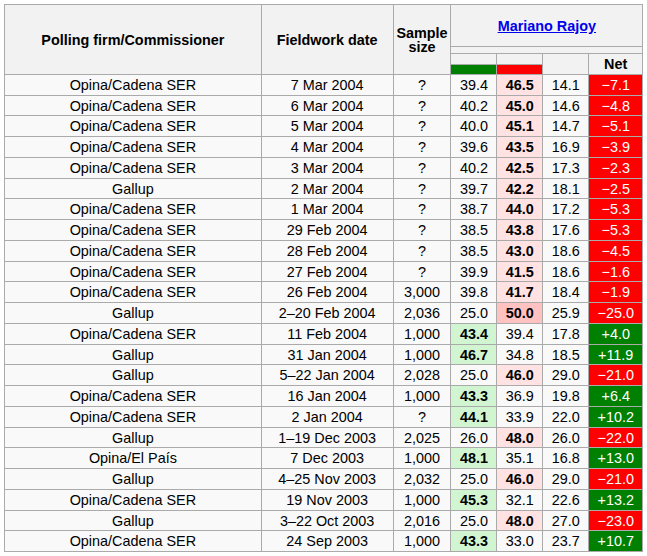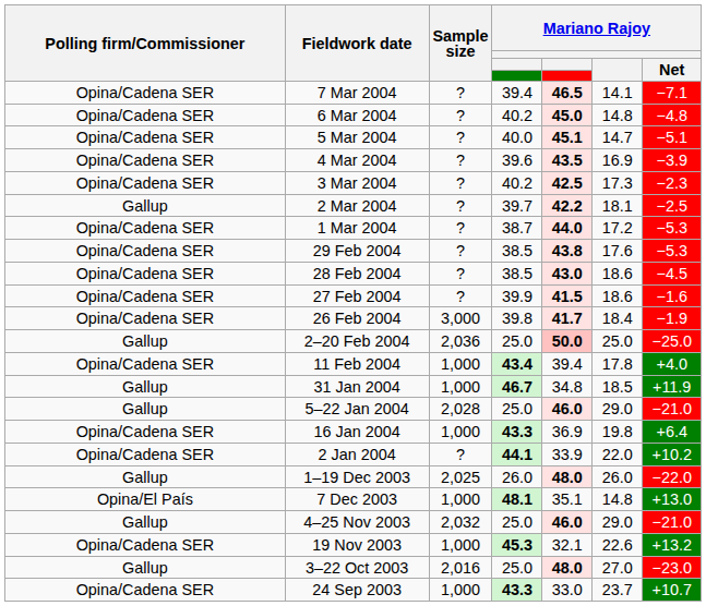 <table class="wikitable collapsible collapsed" style="text-align:center; font-size:90%; line-height:14px;">
 <tr style="height:42px;">
 <th style="width:250px;" rowspan="4">Polling firm/Commissioner</th>
 <th style="width:125px;" rowspan="4">Fieldwork date</th>
 <th style="width:50px;" rowspan="4">Sample size</th>
 <th style="width:185px;" colspan="4"><a href='#'>Mariano Rajoy</a><br></th>
 </tr>
 <tr>
 <th colspan="4" style="background:"></th>
 </tr>
 <tr>
 <th style="width:30px;"></th>
 <th style="width:30px;"></th>
 <th style="width:30px;" rowspan="2"></th>
 <th style="width:30px;" rowspan="2">Net</th>
 </tr>
 <tr>
 <th style="color:inherit;background:#008000;"></th>
 <th style="color:inherit;background:#FF0000;"></th>
 </tr>
 <tr>
 <td>Opina/Cadena SER</td>
 <td>7 Mar 2004</td>
 <td>?</td>
 <td>39.4</td>
 <td style="background:#FFE2E1;"><strong>46.5</strong></td>
 <td>14.1</td>
 <td style="background:#FF0000; color:white;">−7.1</td>
 </tr>
 <tr>
 <td>Opina/Cadena SER</td>
 <td>6 Mar 2004</td>
 <td>?</td>
 <td>40.2</td>
 <td style="background:#FFE2E1;"><strong>45.0</strong></td>
-<td>14.6</td>
+<td>14.8</td>
 <td style="background:#FF0000; color:white;">−4.8</td>
 </tr>
 <tr>
 <td>Opina/Cadena SER</td>
 <td>5 Mar 2004</td>
 <td>?</td>
 <td>40.0</td>
 <td style="background:#FFE2E1;"><strong>45.1</strong></td>
 <td>14.7</td>
 <td style="background:#FF0000; color:white;">−5.1</td>
 </tr>
 <tr>
 <td>Opina/Cadena SER</td>
 <td>4 Mar 2004</td>
 <td>?</td>
 <td>39.6</td>
 <td style="background:#FFE2E1;"><strong>43.5</strong></td>
 <td>16.9</td>
 <td style="background:#FF0000; color:white;">−3.9</td>
 </tr>
 <tr>
 <td>Opina/Cadena SER</td>
 <td>3 Mar 2004</td>
 <td>?</td>
 <td>40.2</td>
 <td style="background:#FFE2E1;"><strong>42.5</strong></td>
 <td>17.3</td>
 <td style="background:#FF0000; color:white;">−2.3</td>
 </tr>
 <tr>
 <td>Gallup</td>
 <td>2 Mar 2004</td>
 <td>?</td>
 <td>39.7</td>
 <td style="background:#FFE2E1;"><strong>42.2</strong></td>
 <td>18.1</td>
 <td style="background:#FF0000; color:white;">−2.5</td>
 </tr>
 <tr>
 <td>Opina/Cadena SER</td>
 <td>1 Mar 2004</td>
 <td>?</td>
 <td>38.7</td>
 <td style="background:#FFE2E1;"><strong>44.0</strong></td>
 <td>17.2</td>
 <td style="background:#FF0000; color:white;">−5.3</td>
 </tr>
 <tr>
 <td>Opina/Cadena SER</td>
 <td>29 Feb 2004</td>
 <td>?</td>
 <td>38.5</td>
 <td style="background:#FFE2E1;"><strong>43.8</strong></td>
 <td>17.6</td>
 <td style="background:#FF0000; color:white;">−5.3</td>
 </tr>
 <tr>
 <td>Opina/Cadena SER</td>
 <td>28 Feb 2004</td>
 <td>?</td>
 <td>38.5</td>
 <td style="background:#FFE2E1;"><strong>43.0</strong></td>
 <td>18.6</td>
 <td style="background:#FF0000; color:white;">−4.5</td>
 </tr>
 <tr>
 <td>Opina/Cadena SER</td>
 <td>27 Feb 2004</td>
 <td>?</td>
 <td>39.9</td>
 <td style="background:#FFE2E1;"><strong>41.5</strong></td>
 <td>18.6</td>
 <td style="background:#FF0000; color:white;">−1.6</td>
 </tr>
 <tr>
 <td>Opina/Cadena SER</td>
 <td>26 Feb 2004</td>
 <td>3,000</td>
 <td>39.8</td>
 <td style="background:#FFE2E1;"><strong>41.7</strong></td>
 <td>18.4</td>
 <td style="background:#FF0000; color:white;">−1.9</td>
 </tr>
 <tr>
 <td>Gallup</td>
 <td>2–20 Feb 2004</td>
 <td>2,036</td>
 <td>25.0</td>
 <td style="background:#FFC2C1;"><strong>50.0</strong></td>
-<td>25.9</td>
+<td>25.0</td>
 <td style="background:#FF0000; color:white;">−25.0</td>
 </tr>
 <tr>
 <td>Opina/Cadena SER</td>
 <td>11 Feb 2004</td>
 <td>1,000</td>
 <td style="background:#D1F5D1;"><strong>43.4</strong></td>
 <td>39.4</td>
 <td>17.8</td>
 <td style="background:#008000; color:white;">+4.0</td>
 </tr>
 <tr>
 <td>Gallup</td>
 <td>31 Jan 2004</td>
 <td>1,000</td>
 <td style="background:#D1F5D1;"><strong>46.7</strong></td>
 <td>34.8</td>
 <td>18.5</td>
 <td style="background:#008000; color:white;">+11.9</td>
 </tr>
 <tr>
 <td>Gallup</td>
 <td>5–22 Jan 2004</td>
 <td>2,028</td>
 <td>25.0</td>
 <td style="background:#FFE2E1;"><strong>46.0</strong></td>
 <td>29.0</td>
 <td style="background:#FF0000; color:white;">−21.0</td>
 </tr>
 <tr>
 <td>Opina/Cadena SER</td>
 <td>16 Jan 2004</td>
 <td>1,000</td>
 <td style="background:#D1F5D1;"><strong>43.3</strong></td>
 <td>36.9</td>
 <td>19.8</td>
 <td style="background:#008000; color:white;">+6.4</td>
 </tr>
 <tr>
 <td>Opina/Cadena SER</td>
 <td>2 Jan 2004</td>
 <td>?</td>
 <td style="background:#D1F5D1;"><strong>44.1</strong></td>
 <td>33.9</td>
 <td>22.0</td>
 <td style="background:#008000; color:white;">+10.2</td>
 </tr>
 <tr>
 <td>Gallup</td>
 <td>1–19 Dec 2003</td>
 <td>2,025</td>
 <td>26.0</td>
 <td style="background:#FFE2E1;"><strong>48.0</strong></td>
 <td>26.0</td>
 <td style="background:#FF0000; color:white;">−22.0</td>
 </tr>
 <tr>
 <td>Opina/El País</td>
 <td>7 Dec 2003</td>
 <td>1,000</td>
 <td style="background:#D1F5D1;"><strong>48.1</strong></td>
 <td>35.1</td>
-<td>16.8</td>
+<td>14.8</td>
 <td style="background:#008000; color:white;">+13.0</td>
 </tr>
 <tr>
 <td>Gallup</td>
 <td>4–25 Nov 2003</td>
 <td>2,032</td>
 <td>25.0</td>
 <td style="background:#FFE2E1;"><strong>46.0</strong></td>
 <td>29.0</td>
 <td style="background:#FF0000; color:white;">−21.0</td>
 </tr>
 <tr>
 <td>Opina/Cadena SER</td>
 <td>19 Nov 2003</td>
 <td>1,000</td>
 <td style="background:#D1F5D1;"><strong>45.3</strong></td>
 <td>32.1</td>
 <td>22.6</td>
 <td style="background:#008000; color:white;">+13.2</td>
 </tr>
 <tr>
 <td>Gallup</td>
 <td>3–22 Oct 2003</td>
 <td>2,016</td>
 <td>25.0</td>
 <td style="background:#FFE2E1;"><strong>48.0</strong></td>
 <td>27.0</td>
 <td style="background:#FF0000; color:white;">−23.0</td>
 </tr>
 <tr>
 <td>Opina/Cadena SER</td>
 <td>24 Sep 2003</td>
 <td>1,000</td>
 <td style="background:#D1F5D1;"><strong>43.3</strong></td>
 <td>33.0</td>
 <td>23.7</td>
 <td style="background:#008000; color:white;">+10.7</td>
 </tr>
 </table>
